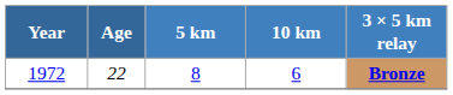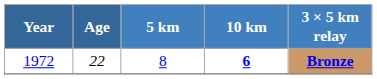 <table class="wikitable" style="font-size:95%; text-align:center; border:grey solid 1px; border-collapse:collapse; background:#ffffff;">
 <tr>
 <th style="background-color:#369; color:white; width:60px;"> Year </th>
 <th style="background-color:#369; color:white; width:40px;"> Age </th>
 <th style="background-color:#4180be; color:white; width:75px;"> 5 km </th>
 <th style="background-color:#4180be; color:white; width:75px;"> 10 km </th>
 <th style="background-color:#4180be; color:white; width:75px;"> 3 × 5 km <br> relay </th>
 </tr>
 <tr>
 <td><a href='#'>1972</a></td>
 <td><em>22</em></td>
 <td><a href='#'>8</a></td>
-<td><a href='#'>6</a></td>
+<td><strong><a href='#'>6</a></strong></td>
 <td bgcolor="cc9966"><a href='#'><strong>Bronze</strong></a></td>
 </tr>
 <tr>
 </tr>
 </table>
